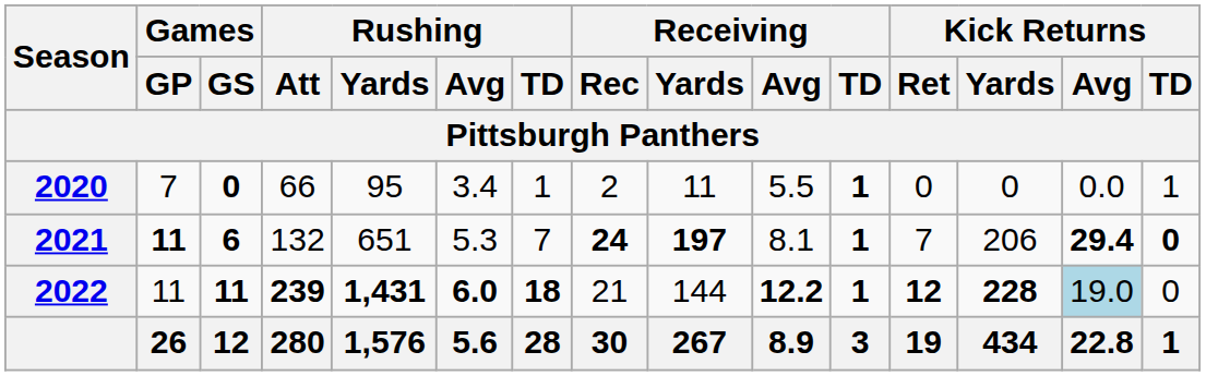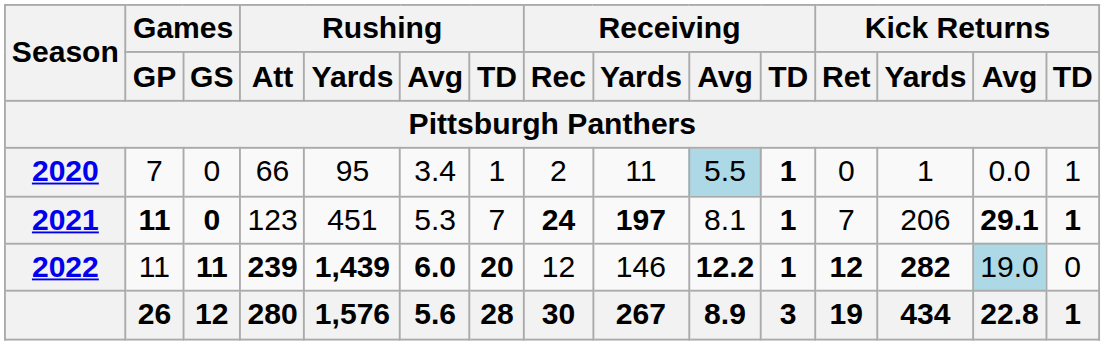 <table class="wikitable" style="text-align:center;">
 <tr>
 <th rowspan="2">Season</th>
 <th colspan="2">Games</th>
 <th colspan="4">Rushing</th>
 <th colspan="4">Receiving</th>
 <th colspan="4">Kick Returns</th>
 </tr>
 <tr>
 <th>GP</th>
 <th>GS</th>
 <th>Att</th>
 <th>Yards</th>
 <th>Avg</th>
 <th>TD</th>
 <th>Rec</th>
 <th>Yards</th>
 <th>Avg</th>
 <th>TD</th>
 <th>Ret</th>
 <th>Yards</th>
 <th>Avg</th>
 <th>TD</th>
 </tr>
 <tr>
 <th colspan="15">Pittsburgh Panthers</th>
 </tr>
 <tr>
 <th><a href='#'>2020</a></th>
 <td>7</td>
-<td><strong>0</strong></td>
+<td>0</td>
 <td>66</td>
 <td>95</td>
 <td>3.4</td>
 <td>1</td>
 <td>2</td>
 <td>11</td>
-<td>5.5</td>
+<td style="background: lightblue;">5.5</td>
 <td><strong>1</strong></td>
 <td>0</td>
-<td>0</td>
+<td>1</td>
 <td>0.0</td>
 <td>1</td>
 </tr>
 <tr>
 <th><a href='#'>2021</a></th>
 <td><strong>11</strong></td>
-<td><strong>6</strong></td>
-<td>132</td>
-<td>651</td>
+<td><strong>0</strong></td>
+<td>123</td>
+<td>451</td>
 <td>5.3</td>
 <td>7</td>
 <td><strong>24</strong></td>
 <td><strong>197</strong></td>
 <td>8.1</td>
 <td><strong>1</strong></td>
 <td>7</td>
 <td>206</td>
-<td><strong>29.4</strong></td>
-<td><strong>0</strong></td>
+<td><strong>29.1</strong></td>
+<td><strong>1</strong></td>
 </tr>
 <tr>
 <th><a href='#'>2022</a></th>
 <td>11</td>
 <td><strong>11</strong></td>
 <td><strong>239</strong></td>
-<td><strong>1,431</strong></td>
+<td><strong>1,439</strong></td>
 <td><strong>6.0</strong></td>
-<td><strong>18</strong></td>
-<td>21</td>
-<td>144</td>
+<td><strong>20</strong></td>
+<td>12</td>
+<td>146</td>
 <td><strong>12.2</strong></td>
 <td><strong>1</strong></td>
 <td><strong>12</strong></td>
-<td><strong>228</strong></td>
+<td><strong>282</strong></td>
 <td style="background: lightblue;">19.0</td>
 <td>0</td>
 </tr>
 <tr>
 <th></th>
 <th>26</th>
 <th>12</th>
 <th>280</th>
 <th>1,576</th>
 <th>5.6</th>
 <th>28</th>
 <th>30</th>
 <th>267</th>
 <th>8.9</th>
 <th>3</th>
 <th>19</th>
 <th>434</th>
 <th>22.8</th>
 <th>1</th>
 </tr>
 </table>
